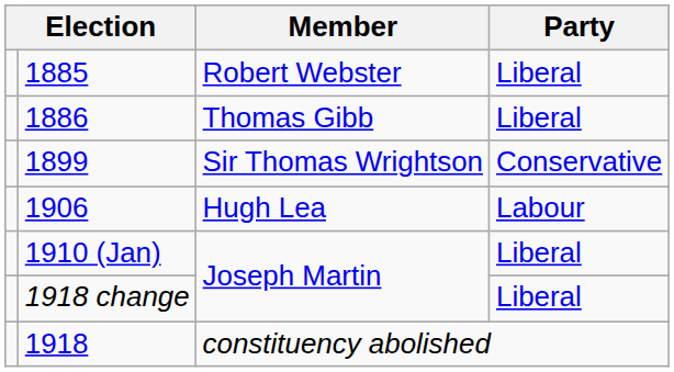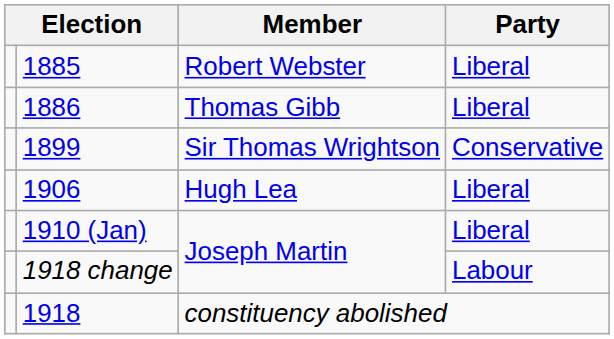 <table class="wikitable">
 <tr>
 <th colspan="2">Election</th>
 <th>Member</th>
 <th>Party</th>
 </tr>
 <tr>
 <td style="color:inherit;background-color: "></td>
 <td><a href='#'>1885</a></td>
 <td><a href='#'>Robert Webster</a></td>
 <td><a href='#'>Liberal</a></td>
 </tr>
 <tr>
 <td style="color:inherit;background-color: "></td>
 <td><a href='#'>1886</a></td>
 <td><a href='#'>Thomas Gibb</a></td>
 <td><a href='#'>Liberal</a></td>
 </tr>
 <tr>
 <td style="color:inherit;background-color: "></td>
 <td><a href='#'>1899</a></td>
 <td><a href='#'>Sir Thomas Wrightson</a></td>
 <td><a href='#'>Conservative</a></td>
 </tr>
 <tr>
 <td style="color:inherit;background-color: "></td>
 <td><a href='#'>1906</a></td>
 <td><a href='#'>Hugh Lea</a></td>
-<td><a href='#'>Labour</a></td>
+<td><a href='#'>Liberal</a></td>
 </tr>
 <tr>
 <td style="color:inherit;background-color: "></td>
 <td><a href='#'>1910 (Jan)</a></td>
 <td rowspan="2"><a href='#'>Joseph Martin</a></td>
 <td><a href='#'>Liberal</a></td>
 </tr>
 <tr>
 <td style="color:inherit;background-color: "></td>
 <td><em>1918 change</em></td>
-<td><a href='#'>Liberal</a></td>
+<td><a href='#'>Labour</a></td>
 </tr>
 <tr>
 <td></td>
 <td><a href='#'>1918</a></td>
 <td colspan="2"><em>constituency abolished</em></td>
 </tr>
 </table>
